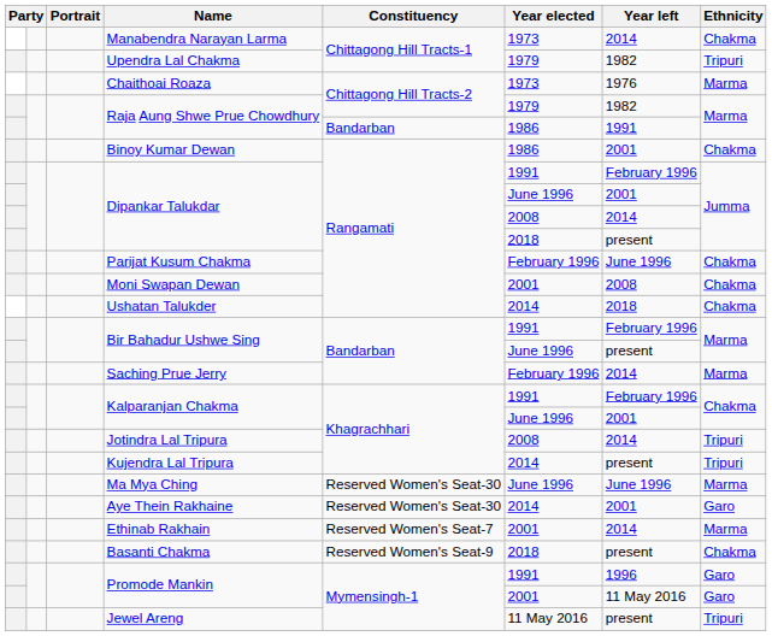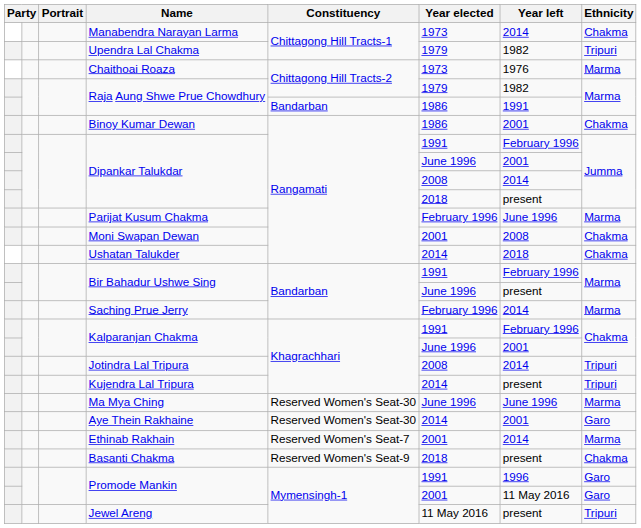 <table class="wikitable sortable">
 <tr>
 <th colspan="2">Party</th>
 <th>Portrait</th>
 <th>Name</th>
 <th>Constituency</th>
 <th>Year elected</th>
 <th>Year left</th>
 <th>Ethnicity</th>
 </tr>
 <tr>
 <th style="background:white"></th>
 <td></td>
 <td></td>
 <td><a href='#'>Manabendra Narayan Larma</a></td>
 <td rowspan="2"><a href='#'>Chittagong Hill Tracts-1</a></td>
 <td><a href='#'>1973</a></td>
 <td><a href='#'>2014</a></td>
 <td><a href='#'>Chakma</a></td>
 </tr>
 <tr>
 <th style="background-color: "></th>
 <td></td>
 <td></td>
 <td><a href='#'>Upendra Lal Chakma</a></td>
 <td><a href='#'>1979</a></td>
 <td>1982</td>
 <td><a href='#'>Tripuri</a></td>
 </tr>
 <tr>
 <th style="background:white"></th>
 <td></td>
 <td></td>
 <td><a href='#'>Chaithoai Roaza</a></td>
 <td rowspan="2"><a href='#'>Chittagong Hill Tracts-2</a></td>
 <td><a href='#'>1973</a></td>
 <td>1976</td>
 <td><a href='#'>Marma</a></td>
 </tr>
 <tr>
 <th style="background-color: "></th>
 <td rowspan="2"></td>
 <td rowspan="2"></td>
 <td rowspan="2"><a href='#'>Raja</a> <a href='#'>Aung Shwe Prue Chowdhury</a></td>
 <td><a href='#'>1979</a></td>
 <td>1982</td>
 <td rowspan="2"><a href='#'>Marma</a></td>
 </tr>
 <tr>
 <th style="background-color: "></th>
 <td><a href='#'>Bandarban</a></td>
 <td><a href='#'>1986</a></td>
 <td><a href='#'>1991</a></td>
 </tr>
 <tr>
 <th style="background-color: "></th>
 <td></td>
 <td></td>
 <td><a href='#'>Binoy Kumar Dewan</a></td>
 <td rowspan="8"><a href='#'>Rangamati</a></td>
 <td><a href='#'>1986</a></td>
 <td><a href='#'>2001</a></td>
 <td><a href='#'>Chakma</a></td>
 </tr>
 <tr>
 <th style="background-color: "></th>
 <td rowspan="4"></td>
 <td rowspan="4"></td>
 <td rowspan="4"><a href='#'>Dipankar Talukdar</a></td>
 <td><a href='#'>1991</a></td>
 <td><a href='#'>February 1996</a></td>
 <td rowspan="4"><a href='#'>Jumma</a></td>
 </tr>
 <tr>
 <th style="background-color: "></th>
 <td><a href='#'>June 1996</a></td>
 <td><a href='#'>2001</a></td>
 </tr>
 <tr>
 <th style="background-color: "></th>
 <td><a href='#'>2008</a></td>
 <td><a href='#'>2014</a></td>
 </tr>
 <tr>
 <th style="background-color: "></th>
 <td><a href='#'>2018</a></td>
 <td>present</td>
 </tr>
 <tr>
 <th style="background-color: "></th>
 <td></td>
 <td></td>
 <td><a href='#'>Parijat Kusum Chakma</a></td>
 <td><a href='#'>February 1996</a></td>
 <td><a href='#'>June 1996</a></td>
-<td><a href='#'>Chakma</a></td>
+<td><a href='#'>Marma</a></td>
 </tr>
 <tr>
 <th style="background-color: "></th>
 <td></td>
 <td></td>
 <td><a href='#'>Moni Swapan Dewan</a></td>
 <td><a href='#'>2001</a></td>
 <td><a href='#'>2008</a></td>
 <td><a href='#'>Chakma</a></td>
 </tr>
 <tr>
 <th style="background:white"></th>
 <td></td>
 <td></td>
 <td><a href='#'>Ushatan Talukder</a></td>
 <td><a href='#'>2014</a></td>
 <td><a href='#'>2018</a></td>
 <td><a href='#'>Chakma</a></td>
 </tr>
 <tr>
 <th style="background-color: "></th>
 <td rowspan="2"></td>
 <td rowspan="2"></td>
 <td rowspan="2"><a href='#'>Bir Bahadur Ushwe Sing</a></td>
 <td rowspan="3"><a href='#'>Bandarban</a></td>
 <td><a href='#'>1991</a></td>
 <td><a href='#'>February 1996</a></td>
 <td rowspan="2"><a href='#'>Marma</a></td>
 </tr>
 <tr>
 <th style="background-color: "></th>
 <td><a href='#'>June 1996</a></td>
 <td>present</td>
 </tr>
 <tr>
 <th style="background-color: "></th>
 <td></td>
 <td></td>
 <td><a href='#'>Saching Prue Jerry</a></td>
 <td><a href='#'>February 1996</a></td>
 <td><a href='#'>2014</a></td>
 <td><a href='#'>Marma</a></td>
 </tr>
 <tr>
 <th style="background-color: "></th>
 <td rowspan="2"></td>
 <td rowspan="2"></td>
 <td rowspan="2"><a href='#'>Kalparanjan Chakma</a></td>
 <td rowspan="4"><a href='#'>Khagrachhari</a></td>
 <td><a href='#'>1991</a></td>
 <td><a href='#'>February 1996</a></td>
 <td rowspan="2"><a href='#'>Chakma</a></td>
 </tr>
 <tr>
 <th style="background-color: "></th>
 <td><a href='#'>June 1996</a></td>
 <td><a href='#'>2001</a></td>
 </tr>
 <tr>
 <th style="background-color: "></th>
 <td></td>
 <td></td>
 <td><a href='#'>Jotindra Lal Tripura</a></td>
 <td><a href='#'>2008</a></td>
 <td><a href='#'>2014</a></td>
 <td><a href='#'>Tripuri</a></td>
 </tr>
 <tr>
 <th style="background-color: "></th>
 <td></td>
 <td></td>
 <td><a href='#'>Kujendra Lal Tripura</a></td>
 <td><a href='#'>2014</a></td>
 <td>present</td>
 <td><a href='#'>Tripuri</a></td>
 </tr>
 <tr>
 <th style="background-color: "></th>
 <td></td>
 <td></td>
 <td><a href='#'>Ma Mya Ching</a></td>
 <td>Reserved Women's Seat-30</td>
 <td><a href='#'>June 1996</a></td>
 <td><a href='#'>June 1996</a></td>
 <td><a href='#'>Marma</a></td>
 </tr>
 <tr>
 <th style="background-color: "></th>
 <td></td>
 <td></td>
 <td><a href='#'>Aye Thein Rakhaine</a></td>
 <td>Reserved Women's Seat-30</td>
 <td><a href='#'>2014</a></td>
 <td><a href='#'>2001</a></td>
 <td><a href='#'>Garo</a></td>
 </tr>
 <tr>
 <th style="background-color: "></th>
 <td></td>
 <td></td>
 <td><a href='#'>Ethinab Rakhain</a></td>
 <td>Reserved Women's Seat-7</td>
 <td><a href='#'>2001</a></td>
 <td><a href='#'>2014</a></td>
 <td><a href='#'>Marma</a></td>
 </tr>
 <tr>
 <th style="background-color: "></th>
 <td></td>
 <td></td>
 <td><a href='#'>Basanti Chakma</a></td>
 <td>Reserved Women's Seat-9</td>
 <td><a href='#'>2018</a></td>
 <td>present</td>
 <td><a href='#'>Chakma</a></td>
 </tr>
 <tr>
 <th style="background-color: "></th>
 <td rowspan="2"></td>
 <td rowspan="2"></td>
 <td rowspan="2"><a href='#'>Promode Mankin</a></td>
 <td rowspan="3"><a href='#'>Mymensingh-1</a></td>
 <td><a href='#'>1991</a></td>
 <td><a href='#'>1996</a></td>
 <td><a href='#'>Garo</a></td>
 </tr>
 <tr>
 <th style="background-color: "></th>
 <td><a href='#'>2001</a></td>
 <td>11 May 2016</td>
 <td><a href='#'>Garo</a></td>
 </tr>
 <tr>
 <th style="background-color: "></th>
 <td></td>
 <td></td>
 <td><a href='#'>Jewel Areng</a></td>
 <td>11 May 2016</td>
 <td>present</td>
 <td><a href='#'>Tripuri</a></td>
 </tr>
 </table>
